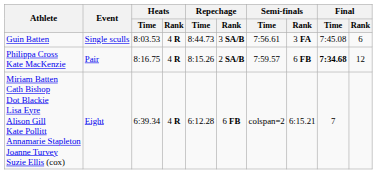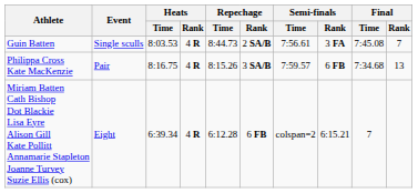 <table class="wikitable" style="font-size:90%">
 <tr>
 <th rowspan="2">Athlete</th>
 <th rowspan="2">Event</th>
 <th colspan="2">Heats</th>
 <th colspan="2">Repechage</th>
 <th colspan="2">Semi-finals</th>
 <th colspan="2">Final</th>
 </tr>
 <tr style="font-size:95%">
 <th>Time</th>
 <th>Rank</th>
 <th>Time</th>
 <th>Rank</th>
 <th>Time</th>
 <th>Rank</th>
 <th>Time</th>
 <th>Rank</th>
 </tr>
 <tr align=center>
 <td align=left><a href='#'>Guin Batten</a></td>
 <td align=left><a href='#'>Single sculls</a></td>
 <td>8:03.53</td>
 <td>4 <strong>R</strong></td>
 <td>8:44.73</td>
-<td>3 <strong>SA/B</strong></td>
+<td>2 <strong>SA/B</strong></td>
 <td>7:56.61</td>
 <td>3 <strong>FA</strong></td>
 <td>7:45.08</td>
-<td>6</td>
+<td>7</td>
 </tr>
 <tr align=center>
 <td align=left><a href='#'>Philippa Cross</a><br><a href='#'>Kate MacKenzie</a></td>
 <td align=left><a href='#'>Pair</a></td>
 <td>8:16.75</td>
 <td>4 <strong>R</strong></td>
 <td>8:15.26</td>
-<td>2 <strong>SA/B</strong></td>
+<td>3 <strong>SA/B</strong></td>
 <td>7:59.57</td>
 <td>6 <strong>FB</strong></td>
-<td><strong>7:34.68</strong></td>
-<td>12</td>
+<td>7:34.68</td>
+<td>13</td>
 </tr>
 <tr align=center>
 <td align=left><a href='#'>Miriam Batten</a><br><a href='#'>Cath Bishop</a><br><a href='#'>Dot Blackie</a><br><a href='#'>Lisa Eyre</a><br><a href='#'>Alison Gill</a><br><a href='#'>Kate Pollitt</a><br><a href='#'>Annamarie Stapleton</a><br><a href='#'>Joanne Turvey</a><br><a href='#'>Suzie Ellis</a> (cox)</td>
 <td align=left><a href='#'>Eight</a></td>
 <td>6:39.34</td>
 <td>4 <strong>R</strong></td>
 <td>6:12.28</td>
 <td>6 <strong>FB</strong></td>
 <td>colspan=2 </td>
 <td>6:15.21</td>
 <td>7</td>
 </tr>
 </table>
